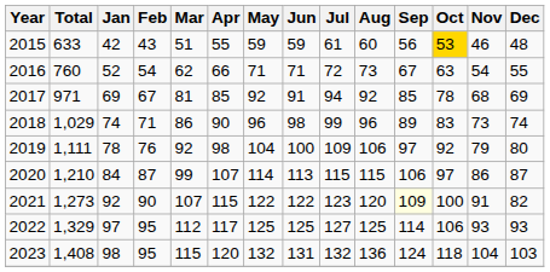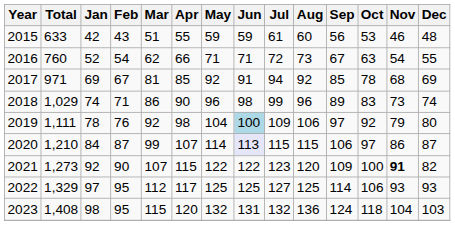 <table class="wikitable">
 <tr>
 <th>Year</th>
 <th>Total</th>
 <th>Jan</th>
 <th>Feb</th>
 <th>Mar</th>
 <th>Apr</th>
 <th>May</th>
 <th>Jun</th>
 <th>Jul</th>
 <th>Aug</th>
 <th>Sep</th>
 <th>Oct</th>
 <th>Nov</th>
 <th>Dec</th>
 </tr>
 <tr>
 <td>2015</td>
 <td>633</td>
 <td>42</td>
 <td>43</td>
 <td>51</td>
 <td>55</td>
 <td>59</td>
 <td>59</td>
 <td>61</td>
 <td>60</td>
 <td>56</td>
-<td style="background: gold;">53</td>
+<td>53</td>
 <td>46</td>
 <td>48</td>
 </tr>
 <tr>
 <td>2016</td>
 <td>760</td>
 <td>52</td>
 <td>54</td>
 <td>62</td>
 <td>66</td>
 <td>71</td>
 <td>71</td>
 <td>72</td>
 <td>73</td>
 <td>67</td>
 <td>63</td>
 <td>54</td>
 <td>55</td>
 </tr>
 <tr>
 <td>2017</td>
 <td>971</td>
 <td>69</td>
 <td>67</td>
 <td>81</td>
 <td>85</td>
 <td>92</td>
 <td>91</td>
 <td>94</td>
 <td>92</td>
 <td>85</td>
 <td>78</td>
 <td>68</td>
 <td>69</td>
 </tr>
 <tr>
 <td>2018</td>
 <td>1,029</td>
 <td>74</td>
 <td>71</td>
 <td>86</td>
 <td>90</td>
 <td>96</td>
 <td>98</td>
 <td>99</td>
 <td>96</td>
 <td>89</td>
 <td>83</td>
 <td>73</td>
 <td>74</td>
 </tr>
 <tr>
 <td>2019</td>
 <td>1,111</td>
 <td>78</td>
 <td>76</td>
 <td>92</td>
 <td>98</td>
 <td>104</td>
-<td>100</td>
+<td style="background: lightblue;">100</td>
 <td>109</td>
 <td>106</td>
 <td>97</td>
 <td>92</td>
 <td>79</td>
 <td>80</td>
 </tr>
 <tr>
 <td>2020</td>
 <td>1,210</td>
 <td>84</td>
 <td>87</td>
 <td>99</td>
 <td>107</td>
 <td>114</td>
-<td>113</td>
+<td style="background: lavender;">113</td>
 <td>115</td>
 <td>115</td>
 <td>106</td>
 <td>97</td>
 <td>86</td>
 <td>87</td>
 </tr>
 <tr>
 <td>2021</td>
 <td>1,273</td>
 <td>92</td>
 <td>90</td>
 <td>107</td>
 <td>115</td>
 <td>122</td>
 <td>122</td>
 <td>123</td>
 <td>120</td>
-<td style="background: lightyellow;">109</td>
+<td>109</td>
 <td>100</td>
-<td>91</td>
+<td><strong>91</strong></td>
 <td>82</td>
 </tr>
 <tr>
 <td>2022</td>
 <td>1,329</td>
 <td>97</td>
 <td>95</td>
 <td>112</td>
 <td>117</td>
 <td>125</td>
 <td>125</td>
 <td>127</td>
 <td>125</td>
 <td>114</td>
 <td>106</td>
 <td>93</td>
 <td>93</td>
 </tr>
 <tr>
 <td>2023</td>
 <td>1,408</td>
 <td>98</td>
 <td>95</td>
 <td>115</td>
 <td>120</td>
 <td>132</td>
 <td>131</td>
 <td>132</td>
 <td>136</td>
 <td>124</td>
 <td>118</td>
 <td>104</td>
 <td>103</td>
 </tr>
 <tr>
 </tr>
 </table>
